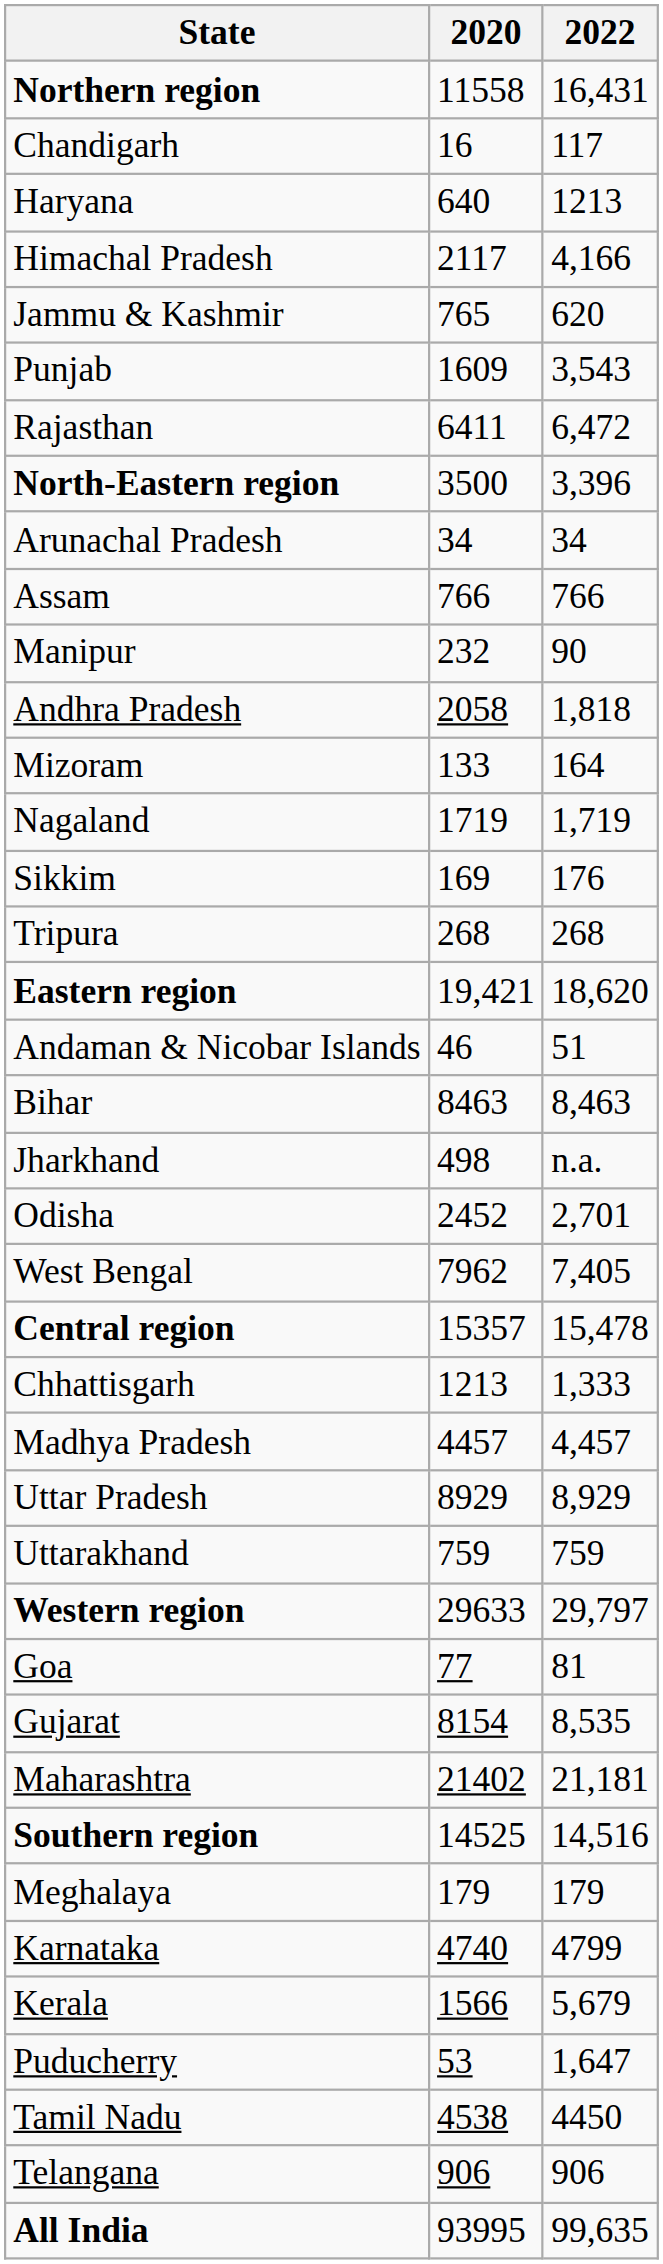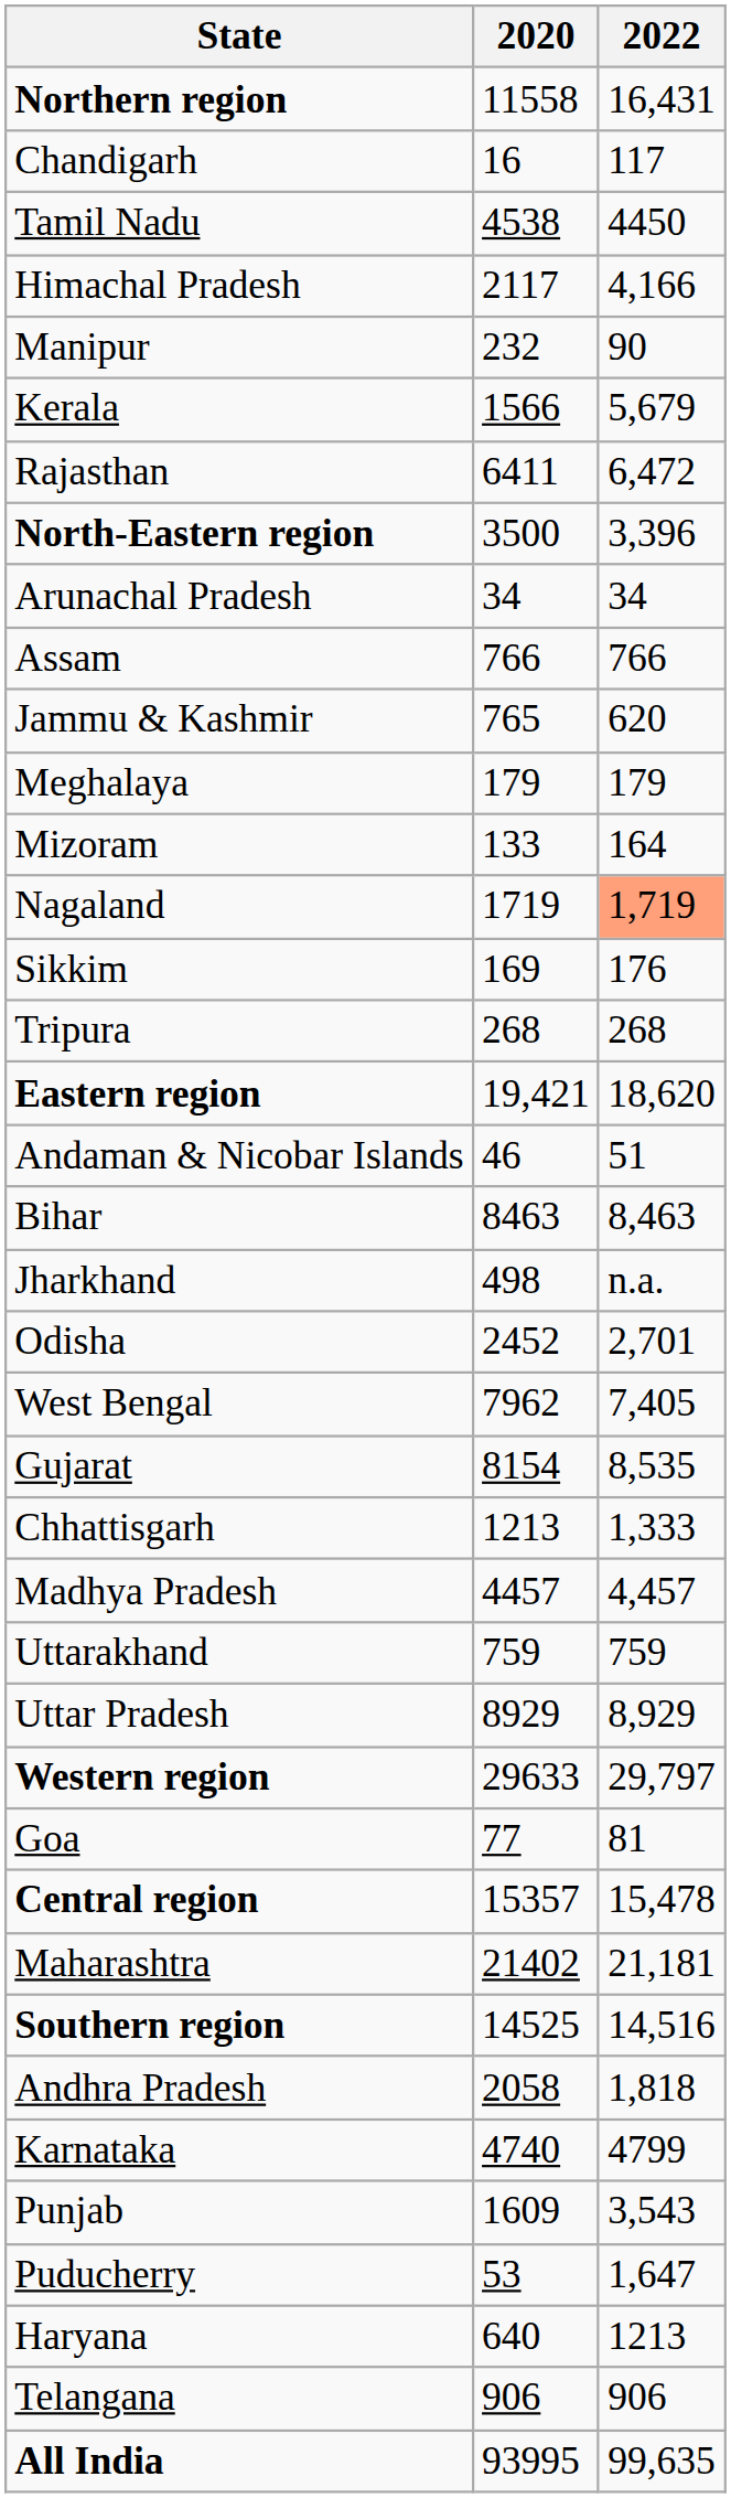 <table class="wikitable">
 <tr style="font-weight:light;">
 <th style="vertical-align:center;">State</th>
 <th>2020</th>
 <th>2022</th>
 </tr>
 <tr>
 <td style="font-weight:bold;">Northern region</td>
 <td>11558</td>
 <td style="vertical-align:middle;">16,431</td>
 </tr>
 <tr>
 <td>Chandigarh</td>
 <td>16</td>
 <td style="vertical-align:middle;">117</td>
 </tr>
 <tr>
-<td>Haryana</td>
-<td>640</td>
-<td style="vertical-align:middle;">1213</td>
+<td style="text-decoration:underline;">Tamil Nadu</td>
+<td style="text-decoration:underline;">4538</td>
+<td style="vertical-align:middle;">4450</td>
 </tr>
 <tr>
 <td>Himachal Pradesh</td>
 <td>2117</td>
 <td style="vertical-align:middle;">4,166</td>
 </tr>
 <tr>
-<td>Jammu & Kashmir</td>
-<td>765</td>
-<td style="vertical-align:middle;">620</td>
+<td>Manipur</td>
+<td>232</td>
+<td style="vertical-align:middle;">90</td>
 </tr>
 <tr>
-<td>Punjab</td>
-<td>1609</td>
-<td style="vertical-align:middle;">3,543</td>
+<td style="text-decoration:underline;">Kerala</td>
+<td style="text-decoration:underline;">1566</td>
+<td style="vertical-align:middle;">5,679</td>
 </tr>
 <tr>
 <td>Rajasthan</td>
 <td>6411</td>
 <td style="vertical-align:middle;">6,472</td>
 </tr>
 <tr>
 <td style="vertical-align:middle; font-weight:bold;">North-Eastern region</td>
 <td>3500</td>
 <td style="vertical-align:middle;">3,396</td>
 </tr>
 <tr>
 <td>Arunachal Pradesh</td>
 <td>34</td>
 <td style="vertical-align:middle;">34</td>
 </tr>
 <tr>
 <td>Assam</td>
 <td>766</td>
 <td style="vertical-align:middle;">766</td>
 </tr>
 <tr>
-<td>Manipur</td>
-<td>232</td>
-<td style="vertical-align:middle;">90</td>
+<td>Jammu & Kashmir</td>
+<td>765</td>
+<td style="vertical-align:middle;">620</td>
 </tr>
 <tr>
-<td style="text-decoration:underline;">Andhra Pradesh</td>
-<td style="text-decoration:underline;">2058</td>
-<td style="vertical-align:middle;">1,818</td>
+<td>Meghalaya</td>
+<td>179</td>
+<td style="vertical-align:middle;">179</td>
 </tr>
 <tr>
 <td>Mizoram</td>
 <td>133</td>
 <td style="vertical-align:middle;">164</td>
 </tr>
 <tr>
 <td>Nagaland</td>
 <td>1719</td>
-<td style="vertical-align:middle;">1,719</td>
+<td style="background: lightsalmon; vertical-align:middle;">1,719</td>
 </tr>
 <tr>
 <td>Sikkim</td>
 <td>169</td>
 <td style="vertical-align:middle;">176</td>
 </tr>
 <tr>
 <td>Tripura</td>
 <td>268</td>
 <td style="vertical-align:middle;">268</td>
 </tr>
 <tr>
 <td style="vertical-align:middle; font-weight:bold;">Eastern region</td>
 <td>19,421</td>
 <td style="vertical-align:middle;">18,620</td>
 </tr>
 <tr>
 <td>Andaman & Nicobar Islands</td>
 <td>46</td>
 <td style="vertical-align:middle;">51</td>
 </tr>
 <tr>
 <td>Bihar</td>
 <td>8463</td>
 <td style="vertical-align:middle;">8,463</td>
 </tr>
 <tr>
 <td>Jharkhand</td>
 <td>498</td>
 <td style="vertical-align:middle;">n.a.</td>
 </tr>
 <tr>
 <td>Odisha</td>
 <td>2452</td>
 <td style="vertical-align:middle;">2,701</td>
 </tr>
 <tr>
 <td>West Bengal</td>
 <td>7962</td>
 <td style="vertical-align:middle;">7,405</td>
 </tr>
 <tr>
-<td style="vertical-align:middle; font-weight:bold;">Central region</td>
-<td>15357</td>
-<td style="vertical-align:middle;">15,478</td>
+<td style="text-decoration:underline;">Gujarat</td>
+<td style="text-decoration:underline;">8154</td>
+<td style="vertical-align:middle;">8,535</td>
 </tr>
 <tr>
 <td>Chhattisgarh</td>
 <td>1213</td>
 <td style="vertical-align:middle;">1,333</td>
 </tr>
 <tr>
 <td>Madhya Pradesh</td>
 <td>4457</td>
 <td style="vertical-align:middle;">4,457</td>
 </tr>
 <tr>
+<td>Uttarakhand</td>
+<td>759</td>
+<td style="vertical-align:middle;">759</td>
+</tr>
+<tr>
 <td>Uttar Pradesh</td>
 <td>8929</td>
 <td style="vertical-align:middle;">8,929</td>
-</tr>
-<tr>
-<td>Uttarakhand</td>
-<td>759</td>
-<td style="vertical-align:middle;">759</td>
 </tr>
 <tr>
 <td style="vertical-align:middle; font-weight:bold;">Western region</td>
 <td>29633</td>
 <td style="vertical-align:middle;">29,797</td>
 </tr>
 <tr>
 <td style="text-decoration:underline;">Goa</td>
 <td style="text-decoration:underline;">77</td>
 <td style="vertical-align:middle;">81</td>
 </tr>
 <tr>
-<td style="text-decoration:underline;">Gujarat</td>
-<td style="text-decoration:underline;">8154</td>
-<td style="vertical-align:middle;">8,535</td>
+<td style="vertical-align:middle; font-weight:bold;">Central region</td>
+<td>15357</td>
+<td style="vertical-align:middle;">15,478</td>
 </tr>
 <tr>
 <td style="text-decoration:underline;">Maharashtra</td>
 <td style="text-decoration:underline;">21402</td>
 <td style="vertical-align:middle;">21,181</td>
 </tr>
 <tr>
 <td style="vertical-align:middle; font-weight:bold;">Southern region</td>
 <td>14525</td>
 <td style="vertical-align:middle;">14,516</td>
 </tr>
 <tr>
-<td>Meghalaya</td>
-<td>179</td>
-<td style="vertical-align:middle;">179</td>
+<td style="text-decoration:underline;">Andhra Pradesh</td>
+<td style="text-decoration:underline;">2058</td>
+<td style="vertical-align:middle;">1,818</td>
 </tr>
 <tr>
 <td style="text-decoration:underline;">Karnataka</td>
 <td style="text-decoration:underline;">4740</td>
 <td style="vertical-align:middle;">4799</td>
 </tr>
 <tr>
-<td style="text-decoration:underline;">Kerala</td>
-<td style="text-decoration:underline;">1566</td>
-<td style="vertical-align:middle;">5,679</td>
+<td>Punjab</td>
+<td>1609</td>
+<td style="vertical-align:middle;">3,543</td>
 </tr>
 <tr>
 <td style="text-decoration:underline;">Puducherry</td>
 <td style="text-decoration:underline;">53</td>
 <td style="vertical-align:middle;">1,647</td>
 </tr>
 <tr>
-<td style="text-decoration:underline;">Tamil Nadu</td>
-<td style="text-decoration:underline;">4538</td>
-<td style="vertical-align:middle;">4450</td>
+<td>Haryana</td>
+<td>640</td>
+<td style="vertical-align:middle;">1213</td>
 </tr>
 <tr>
 <td style="text-decoration:underline;">Telangana</td>
 <td style="text-decoration:underline;">906</td>
 <td style="vertical-align:middle;">906</td>
 </tr>
 <tr>
 <td style="vertical-align:middle; font-weight:bold;">All India</td>
 <td>93995</td>
 <td style="vertical-align:middle;">99,635</td>
 </tr>
 </table>
